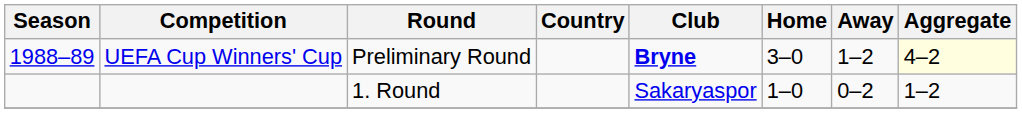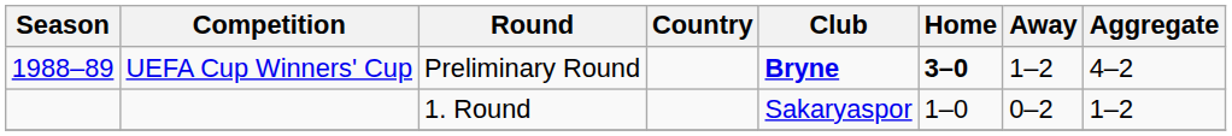 <table class="wikitable">
 <tr>
 <th>Season</th>
 <th>Competition</th>
 <th>Round</th>
 <th>Country</th>
 <th>Club</th>
 <th>Home</th>
 <th>Away</th>
 <th>Aggregate</th>
 </tr>
 <tr>
 <td><a href='#'>1988–89</a></td>
 <td><a href='#'>UEFA Cup Winners' Cup</a></td>
 <td>Preliminary Round</td>
 <td></td>
 <td><strong><a href='#'>Bryne</a></strong></td>
-<td>3–0</td>
+<td><strong>3–0</strong></td>
 <td>1–2</td>
-<td style="background: lightyellow;">4–2</td>
+<td>4–2</td>
 </tr>
 <tr>
 <td></td>
 <td></td>
 <td>1. Round</td>
 <td></td>
 <td><a href='#'>Sakaryaspor</a></td>
 <td>1–0</td>
 <td>0–2</td>
 <td>1–2</td>
 </tr>
 <tr>
 </tr>
 </table>
